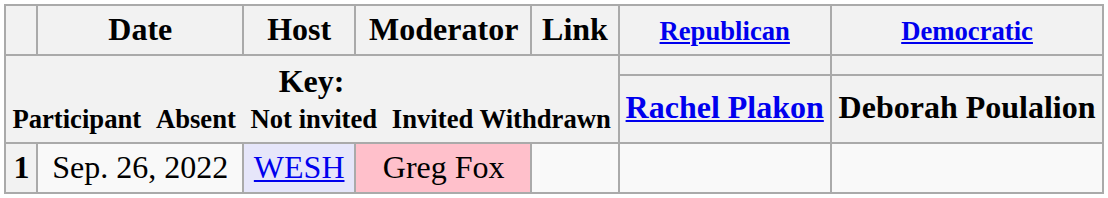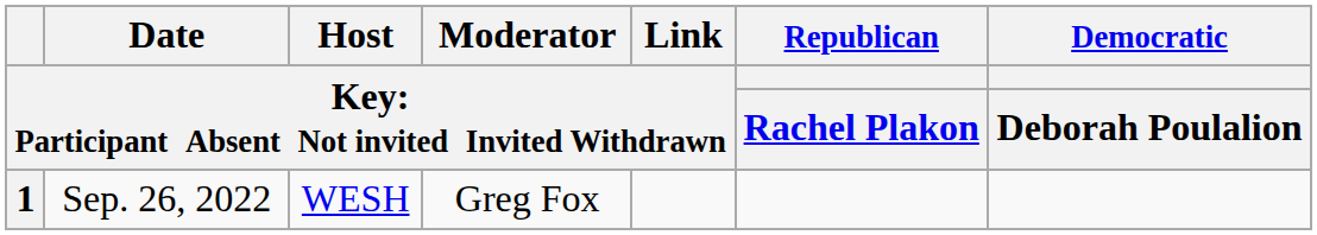 <table class="wikitable" style="text-align:center;">
 <tr>
 <th scope="col"></th>
 <th scope="col">Date</th>
 <th scope="col">Host</th>
 <th scope="col">Moderator</th>
 <th scope="col">Link</th>
 <th scope="col"><small><a href='#'>Republican</a></small></th>
 <th scope="col"><small><a href='#'>Democratic</a></small></th>
 </tr>
 <tr>
 <th colspan="5" rowspan="2">Key:<br> <small>Participant </small>  <small>Absent </small>  <small>Not invited </small>  <small>Invited  Withdrawn</small></th>
 <th scope="col" style="background:"></th>
 <th scope="col" style="background:"></th>
 </tr>
 <tr>
 <th scope="col"><a href='#'>Rachel Plakon</a></th>
 <th scope="col">Deborah Poulalion</th>
 </tr>
 <tr>
 <th>1</th>
 <td style="white-space:nowrap;">Sep. 26, 2022</td>
-<td style="background: lavender; white-space:nowrap;"><a href='#'>WESH</a></td>
-<td style="background: pink; white-space:nowrap;">Greg Fox</td>
+<td style="white-space:nowrap;"><a href='#'>WESH</a></td>
+<td style="white-space:nowrap;">Greg Fox</td>
 <td style="white-space:nowrap;"></td>
 <td></td>
 <td></td>
 </tr>
 </table>
